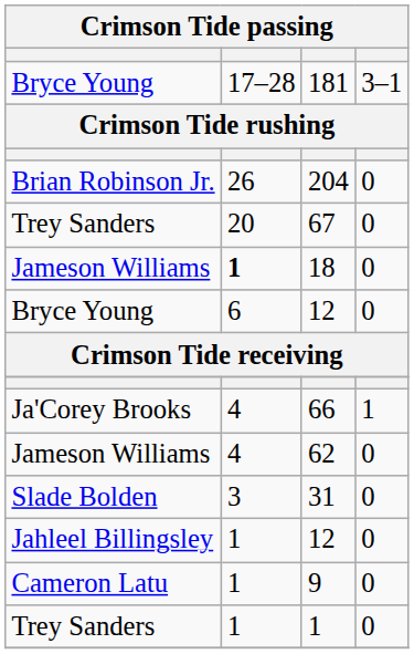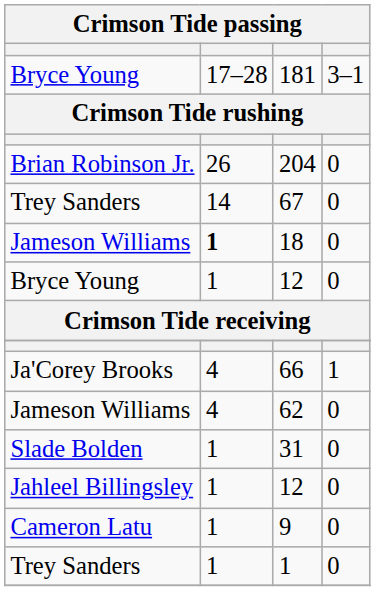 <table class="wikitable plainrowheaders">
 <tr>
 <th colspan="6">Crimson Tide passing</th>
 </tr>
 <tr>
 <th scope="col"></th>
 <th scope="col"></th>
 <th scope="col"></th>
 <th scope="col"></th>
 </tr>
 <tr>
 <td><a href='#'>Bryce Young</a></td>
 <td>17–28</td>
 <td>181</td>
 <td>3–1</td>
 </tr>
 <tr>
 <th colspan="6">Crimson Tide rushing</th>
 </tr>
 <tr>
 <th scope="col"></th>
 <th scope="col"></th>
 <th scope="col"></th>
 <th scope="col"></th>
 </tr>
 <tr>
 <td><a href='#'>Brian Robinson Jr.</a></td>
 <td>26</td>
 <td>204</td>
 <td>0</td>
 </tr>
 <tr>
 <td>Trey Sanders</td>
-<td>20</td>
+<td>14</td>
 <td>67</td>
 <td>0</td>
 </tr>
 <tr>
 <td><a href='#'>Jameson Williams</a></td>
 <td><strong>1</strong></td>
 <td>18</td>
 <td>0</td>
 </tr>
 <tr>
 <td>Bryce Young</td>
-<td>6</td>
+<td>1</td>
 <td>12</td>
 <td>0</td>
 </tr>
 <tr>
 <th colspan="6">Crimson Tide receiving</th>
 </tr>
 <tr>
 </tr>
 <tr>
 <th scope="col"></th>
 <th scope="col"></th>
 <th scope="col"></th>
 <th scope="col"></th>
 </tr>
 <tr>
 <td>Ja'Corey Brooks</td>
 <td>4</td>
 <td>66</td>
 <td>1</td>
 </tr>
 <tr>
 <td>Jameson Williams</td>
 <td>4</td>
 <td>62</td>
 <td>0</td>
 </tr>
 <tr>
 <td><a href='#'>Slade Bolden</a></td>
-<td>3</td>
+<td>1</td>
 <td>31</td>
 <td>0</td>
 </tr>
 <tr>
 <td><a href='#'>Jahleel Billingsley</a></td>
 <td>1</td>
 <td>12</td>
 <td>0</td>
 </tr>
 <tr>
 <td><a href='#'>Cameron Latu</a></td>
 <td>1</td>
 <td>9</td>
 <td>0</td>
 </tr>
 <tr>
 <td>Trey Sanders</td>
 <td>1</td>
 <td>1</td>
 <td>0</td>
 </tr>
 <tr>
 </tr>
 </table>
